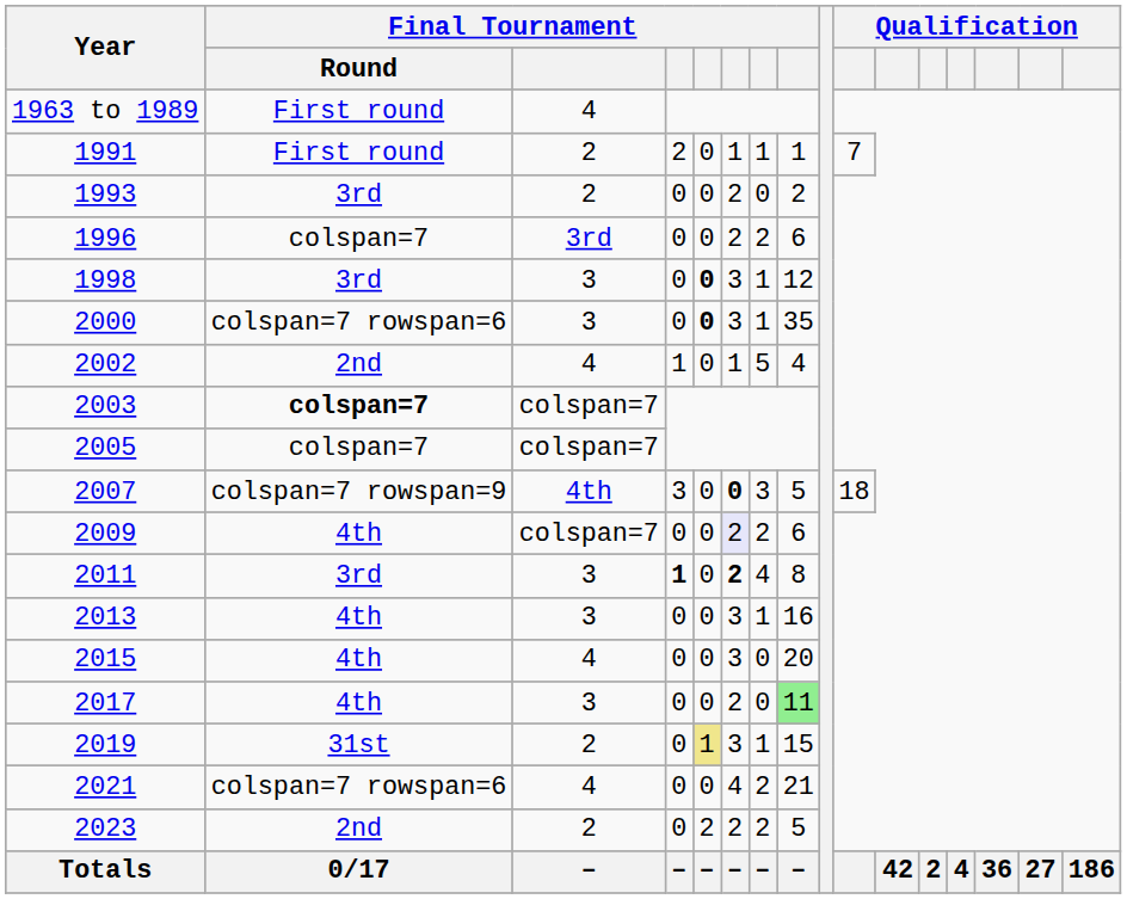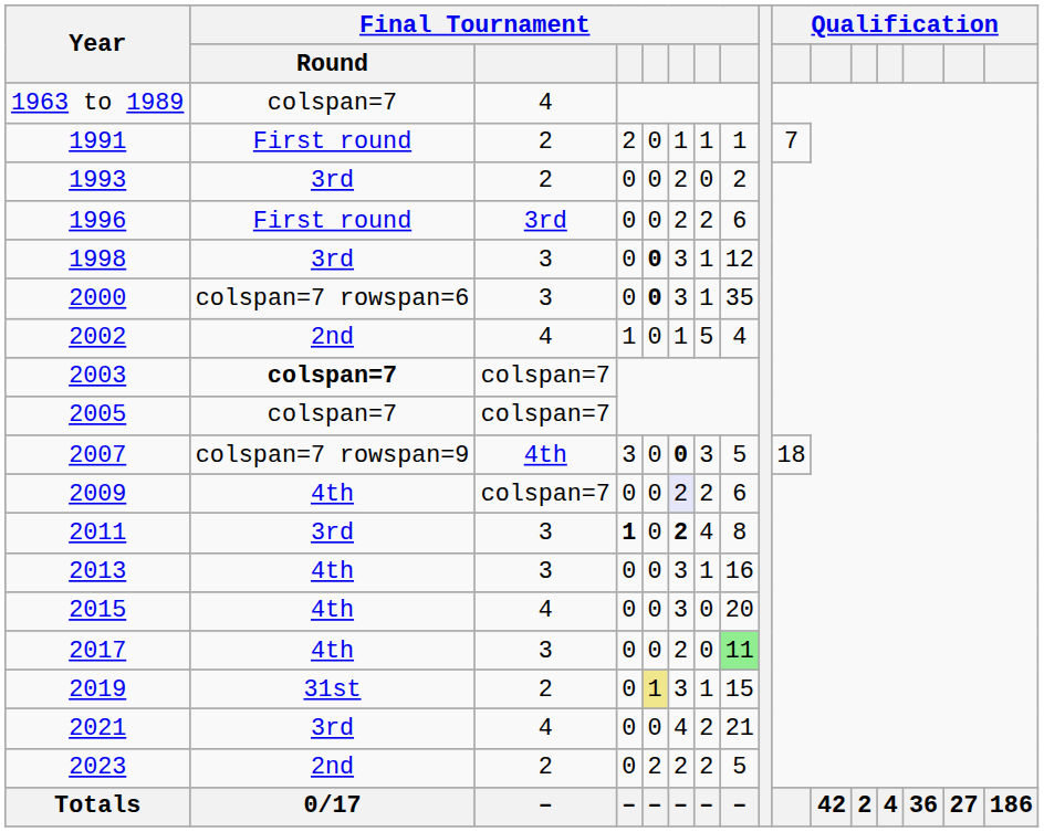 <table class="wikitable" style="text-align: center;font-size:100%;">
 <tr>
 <th rowspan=2>Year</th>
 <th colspan=7><a href='#'>Final Tournament</a></th>
 <th rowspan=21></th>
 <th colspan=7><a href='#'>Qualification</a></th>
 </tr>
 <tr>
 <th>Round</th>
 <th></th>
 <th></th>
 <th></th>
 <th></th>
 <th></th>
 <th></th>
 <th></th>
 <th></th>
 <th></th>
 <th></th>
 <th></th>
 <th></th>
 <th></th>
 </tr>
 <tr>
 <td><a href='#'>1963</a> to <a href='#'>1989</a></td>
-<td><a href='#'>First round</a></td>
+<td>colspan=7 </td>
 <td>4</td>
 </tr>
 <tr>
 <td> <a href='#'>1991</a></td>
 <td><a href='#'>First round</a></td>
 <td>2</td>
 <td>2</td>
 <td>0</td>
 <td>1</td>
 <td>1</td>
 <td>1</td>
 <td>7</td>
 </tr>
 <tr>
 <td>  <a href='#'>1993</a></td>
 <td><a href='#'>3rd</a></td>
 <td>2</td>
 <td>0</td>
 <td>0</td>
 <td>2</td>
 <td>0</td>
 <td>2</td>
 </tr>
 <tr>
 <td> <a href='#'>1996</a></td>
-<td>colspan=7 </td>
+<td><a href='#'>First round</a></td>
 <td><a href='#'>3rd</a></td>
 <td>0</td>
 <td>0</td>
 <td>2</td>
 <td>2</td>
 <td>6</td>
 </tr>
 <tr>
 <td> <a href='#'>1998</a></td>
 <td><a href='#'>3rd</a></td>
 <td>3</td>
 <td>0</td>
 <td><strong>0</strong></td>
 <td>3</td>
 <td>1</td>
 <td>12</td>
 </tr>
 <tr>
 <td> <a href='#'>2000</a></td>
 <td>colspan=7 rowspan=6 </td>
 <td>3</td>
 <td>0</td>
 <td><strong>0</strong></td>
 <td>3</td>
 <td>1</td>
 <td>35</td>
 </tr>
 <tr>
 <td> <a href='#'>2002</a></td>
 <td><a href='#'>2nd</a></td>
 <td>4</td>
 <td>1</td>
 <td>0</td>
 <td>1</td>
 <td>5</td>
 <td>4</td>
 </tr>
 <tr>
 <td>  <a href='#'>2003</a></td>
 <td><strong>colspan=7 </strong></td>
 <td>colspan=7 </td>
 </tr>
 <tr>
 <td> <a href='#'>2005</a></td>
 <td>colspan=7 </td>
 <td>colspan=7 </td>
 </tr>
 <tr>
 <td> <a href='#'>2007</a></td>
 <td>colspan=7 rowspan=9 </td>
 <td><a href='#'>4th</a></td>
 <td>3</td>
 <td>0</td>
 <td><strong>0</strong></td>
 <td>3</td>
 <td>5</td>
 <td>18</td>
 </tr>
 <tr>
 <td> <a href='#'>2009</a></td>
 <td><a href='#'>4th</a></td>
 <td>colspan=7 </td>
 <td>0</td>
 <td>0</td>
 <td style="background: lavender;">2</td>
 <td>2</td>
 <td>6</td>
 </tr>
 <tr>
 <td> <a href='#'>2011</a></td>
 <td><a href='#'>3rd</a></td>
 <td>3</td>
 <td><strong>1</strong></td>
 <td>0</td>
 <td><strong>2</strong></td>
 <td>4</td>
 <td>8</td>
 </tr>
 <tr>
 <td> <a href='#'>2013</a></td>
 <td><a href='#'>4th</a></td>
 <td>3</td>
 <td>0</td>
 <td>0</td>
 <td>3</td>
 <td>1</td>
 <td>16</td>
 </tr>
 <tr>
 <td>  <a href='#'>2015</a></td>
 <td><a href='#'>4th</a></td>
 <td>4</td>
 <td>0</td>
 <td>0</td>
 <td>3</td>
 <td>0</td>
 <td>20</td>
 </tr>
 <tr>
 <td> <a href='#'>2017</a></td>
 <td><a href='#'>4th</a></td>
 <td>3</td>
 <td>0</td>
 <td>0</td>
 <td>2</td>
 <td>0</td>
 <td style="background: lightgreen;">11</td>
 </tr>
 <tr>
 <td>   <a href='#'>2019</a></td>
 <td><a href='#'>31st</a></td>
 <td>2</td>
 <td>0</td>
 <td style="background: khaki;">1</td>
 <td>3</td>
 <td>1</td>
 <td>15</td>
 </tr>
 <tr>
 <td> <a href='#'>2021</a></td>
-<td>colspan=7 rowspan=6 </td>
+<td><a href='#'>3rd</a></td>
 <td>4</td>
 <td>0</td>
 <td>0</td>
 <td>4</td>
 <td>2</td>
 <td>21</td>
 </tr>
 <tr>
 <td>  <a href='#'>2023</a></td>
 <td><a href='#'>2nd</a></td>
 <td>2</td>
 <td>0</td>
 <td>2</td>
 <td>2</td>
 <td>2</td>
 <td>5</td>
 </tr>
 <tr>
 <th>Totals</th>
 <th>0/17</th>
 <th>–</th>
 <th>–</th>
 <th>–</th>
 <th>–</th>
 <th>–</th>
 <th>–</th>
 <th></th>
 <th>42</th>
 <th>2</th>
 <th>4</th>
 <th>36</th>
 <th>27</th>
 <th>186</th>
 </tr>
 </table>
